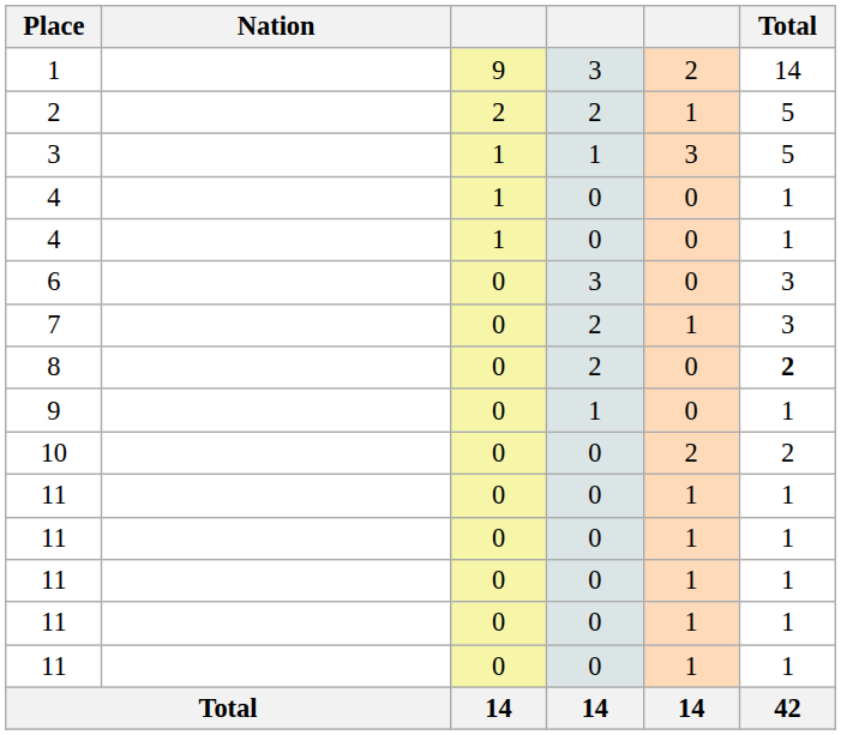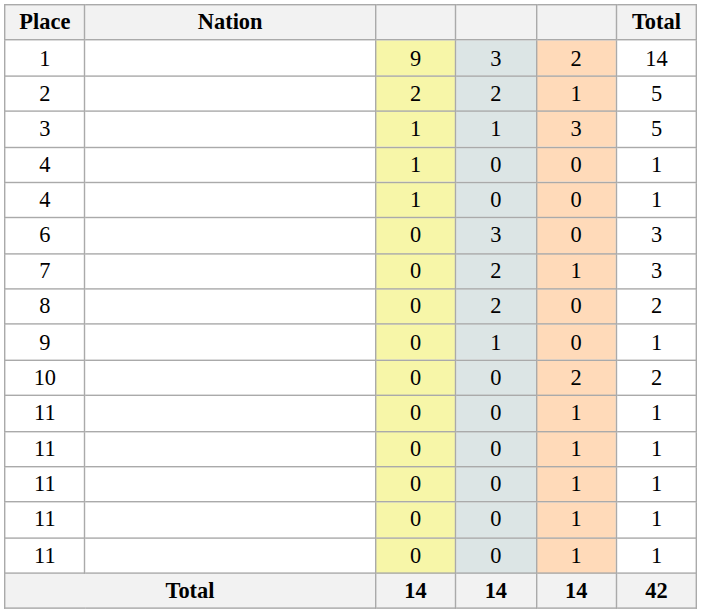 <table class="wikitable" style="border:1px solid #AAAAAA">
 <tr bgcolor="#efefef">
 <th width=50>Place</th>
 <th width=200>Nation</th>
 <th width=50></th>
 <th width=50></th>
 <th width=50></th>
 <th width=50>Total</th>
 </tr>
 <tr align="center" bgcolor="#ffffff">
 <td>1</td>
 <td align="left"></td>
 <td style="background:#F7F6A8;">9</td>
 <td style="background:#DCE5E5;">3</td>
 <td style="background:#FFDAB9;">2</td>
 <td>14</td>
 </tr>
 <tr align="center" bgcolor="#ffffff">
 <td>2</td>
 <td align="left"></td>
 <td style="background:#F7F6A8;">2</td>
 <td style="background:#DCE5E5;">2</td>
 <td style="background:#FFDAB9;">1</td>
 <td>5</td>
 </tr>
 <tr align="center" bgcolor="#ffffff">
 <td>3</td>
 <td align="left"></td>
 <td style="background:#F7F6A8;">1</td>
 <td style="background:#DCE5E5;">1</td>
 <td style="background:#FFDAB9;">3</td>
 <td>5</td>
 </tr>
 <tr align="center" bgcolor="#ffffff">
 <td>4</td>
 <td align="left"></td>
 <td style="background:#F7F6A8;">1</td>
 <td style="background:#DCE5E5;">0</td>
 <td style="background:#FFDAB9;">0</td>
 <td>1</td>
 </tr>
 <tr align="center" bgcolor="#ffffff">
 <td>4</td>
 <td align="left"></td>
 <td style="background:#F7F6A8;">1</td>
 <td style="background:#DCE5E5;">0</td>
 <td style="background:#FFDAB9;">0</td>
 <td>1</td>
 </tr>
 <tr align="center" bgcolor="#ffffff">
 <td>6</td>
 <td align="left"></td>
 <td style="background:#F7F6A8;">0</td>
 <td style="background:#DCE5E5;">3</td>
 <td style="background:#FFDAB9;">0</td>
 <td>3</td>
 </tr>
 <tr align="center" bgcolor="#ffffff">
 <td>7</td>
 <td align="left"></td>
 <td style="background:#F7F6A8;">0</td>
 <td style="background:#DCE5E5;">2</td>
 <td style="background:#FFDAB9;">1</td>
 <td>3</td>
 </tr>
 <tr align="center" bgcolor="#ffffff">
 <td>8</td>
 <td align="left"></td>
 <td style="background:#F7F6A8;">0</td>
 <td style="background:#DCE5E5;">2</td>
 <td style="background:#FFDAB9;">0</td>
-<td><strong>2</strong></td>
+<td>2</td>
 </tr>
 <tr align="center" bgcolor="#ffffff">
 <td>9</td>
 <td align="left"></td>
 <td style="background:#F7F6A8;">0</td>
 <td style="background:#DCE5E5;">1</td>
 <td style="background:#FFDAB9;">0</td>
 <td>1</td>
 </tr>
 <tr align="center" bgcolor="#ffffff">
 <td>10</td>
 <td align="left"></td>
 <td style="background:#F7F6A8;">0</td>
 <td style="background:#DCE5E5;">0</td>
 <td style="background:#FFDAB9;">2</td>
 <td>2</td>
 </tr>
 <tr align="center" bgcolor="#ffffff">
 <td>11</td>
 <td align="left"></td>
 <td style="background:#F7F6A8;">0</td>
 <td style="background:#DCE5E5;">0</td>
 <td style="background:#FFDAB9;">1</td>
 <td>1</td>
 </tr>
 <tr align="center" bgcolor="#ffffff">
 <td>11</td>
 <td align="left"></td>
 <td style="background:#F7F6A8;">0</td>
 <td style="background:#DCE5E5;">0</td>
 <td style="background:#FFDAB9;">1</td>
 <td>1</td>
 </tr>
 <tr align="center" bgcolor="#ffffff">
 <td>11</td>
 <td align="left"></td>
 <td style="background:#F7F6A8;">0</td>
 <td style="background:#DCE5E5;">0</td>
 <td style="background:#FFDAB9;">1</td>
 <td>1</td>
 </tr>
 <tr align="center" bgcolor="#ffffff">
 <td>11</td>
 <td align="left"></td>
 <td style="background:#F7F6A8;">0</td>
 <td style="background:#DCE5E5;">0</td>
 <td style="background:#FFDAB9;">1</td>
 <td>1</td>
 </tr>
 <tr align="center" bgcolor="#ffffff">
 <td>11</td>
 <td align="left"></td>
 <td style="background:#F7F6A8;">0</td>
 <td style="background:#DCE5E5;">0</td>
 <td style="background:#FFDAB9;">1</td>
 <td>1</td>
 </tr>
 <tr bgcolor="#efefef">
 <th colspan=2>Total</th>
 <th>14</th>
 <th>14</th>
 <th>14</th>
 <th>42</th>
 </tr>
 </table>
